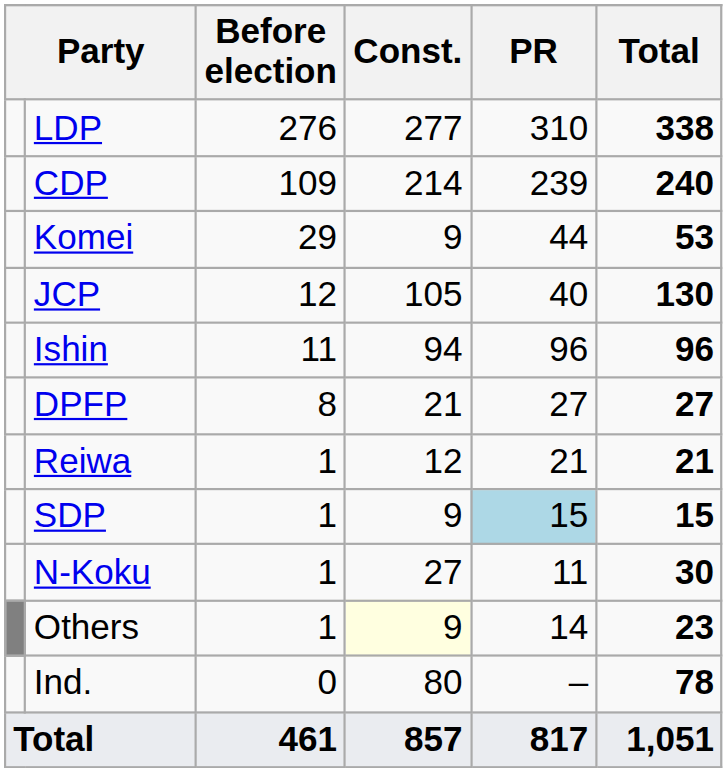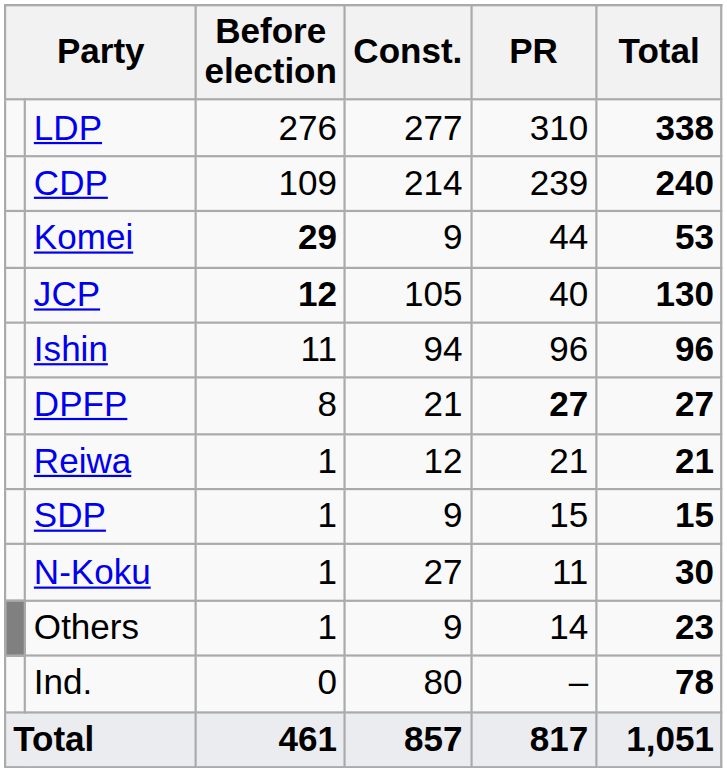 <table class="wikitable sortable" style="text-align:right">
 <tr>
 </tr>
 <tr style:align="center";>
 <th width=80px colspan=2>Party</th>
 <th width=50px>Before election</th>
 <th width=50px>Const.</th>
 <th width=50px>PR</th>
 <th width=50px>Total</th>
 </tr>
 <tr>
 <td></td>
 <td align=left><a href='#'>LDP</a></td>
 <td>276</td>
 <td>277</td>
 <td>310</td>
 <td><strong>338</strong></td>
 </tr>
 <tr>
 <td></td>
 <td align=left><a href='#'>CDP</a></td>
 <td>109</td>
 <td>214</td>
 <td>239</td>
 <td><strong>240</strong></td>
 </tr>
 <tr>
 <td></td>
 <td align=left><a href='#'>Komei</a></td>
-<td>29</td>
+<td><strong>29</strong></td>
 <td>9</td>
 <td>44</td>
 <td><strong>53</strong></td>
 </tr>
 <tr>
 <td></td>
 <td align=left><a href='#'>JCP</a></td>
-<td>12</td>
+<td><strong>12</strong></td>
 <td>105</td>
 <td>40</td>
 <td><strong>130</strong></td>
 </tr>
 <tr>
 <td></td>
 <td align=left><a href='#'>Ishin</a></td>
 <td>11</td>
 <td>94</td>
 <td>96</td>
 <td><strong>96</strong></td>
 </tr>
 <tr>
 <td></td>
 <td align=left><a href='#'>DPFP</a></td>
 <td>8</td>
 <td>21</td>
-<td>27</td>
+<td><strong>27</strong></td>
 <td><strong>27</strong></td>
 </tr>
 <tr>
 <td></td>
 <td align=left><a href='#'>Reiwa</a></td>
 <td>1</td>
 <td>12</td>
 <td>21</td>
 <td><strong>21</strong></td>
 </tr>
 <tr>
 <td></td>
 <td align=left><a href='#'>SDP</a></td>
 <td>1</td>
 <td>9</td>
-<td style="background: lightblue;">15</td>
+<td>15</td>
 <td><strong>15</strong></td>
 </tr>
 <tr>
 <td></td>
 <td align=left><a href='#'>N-Koku</a></td>
 <td>1</td>
 <td>27</td>
 <td>11</td>
 <td><strong>30</strong></td>
 </tr>
 <tr>
 <td bgcolor="gray"></td>
 <td align=left>Others</td>
 <td>1</td>
-<td style="background: lightyellow;">9</td>
+<td>9</td>
 <td>14</td>
 <td><strong>23</strong></td>
 </tr>
 <tr>
 <td></td>
 <td align=left>Ind.</td>
 <td>0</td>
 <td>80</td>
 <td>–</td>
 <td><strong>78</strong></td>
 </tr>
 <tr bgcolor=#EAECF0>
 <td colspan=2 align=left><strong>Total</strong></td>
 <td><strong>461</strong></td>
 <td><strong>857</strong></td>
 <td><strong>817</strong></td>
 <td><strong>1,051</strong></td>
 </tr>
 </table>
